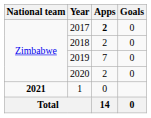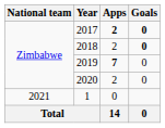 <table class=wikitable style=text-align:center>
 <tr>
 <th>National team</th>
 <th>Year</th>
 <th>Apps</th>
 <th>Goals</th>
 </tr>
 <tr>
 <td rowspan="4"><a href='#'>Zimbabwe</a></td>
 <td>2017</td>
 <td><strong>2</strong></td>
-<td>0</td>
+<td><strong>0</strong></td>
 </tr>
 <tr>
 <td>2018</td>
 <td>2</td>
-<td>0</td>
+<td><strong>0</strong></td>
 </tr>
 <tr>
 <td>2019</td>
-<td>7</td>
+<td><strong>7</strong></td>
 <td>0</td>
 </tr>
 <tr>
 <td>2020</td>
 <td>2</td>
 <td>0</td>
 </tr>
 <tr>
-<td><strong>2021</strong></td>
+<td>2021</td>
 <td>1</td>
 <td>0</td>
 </tr>
 <tr>
 <th colspan="2">Total</th>
 <th>14</th>
 <th>0</th>
 </tr>
 </table>
